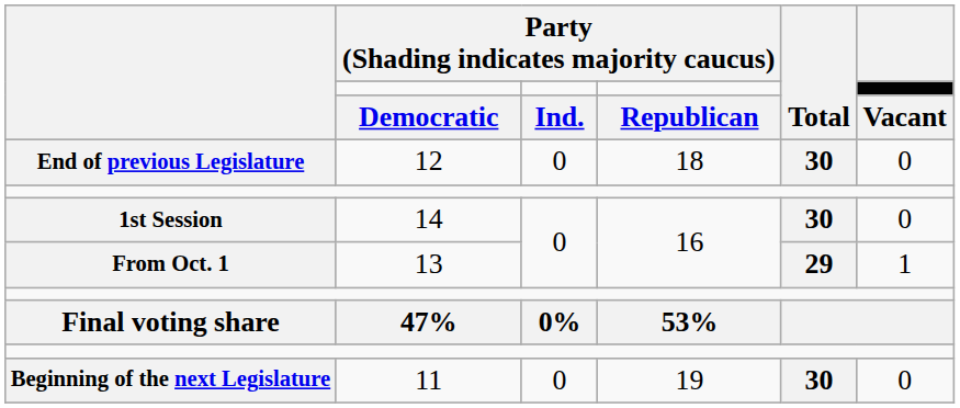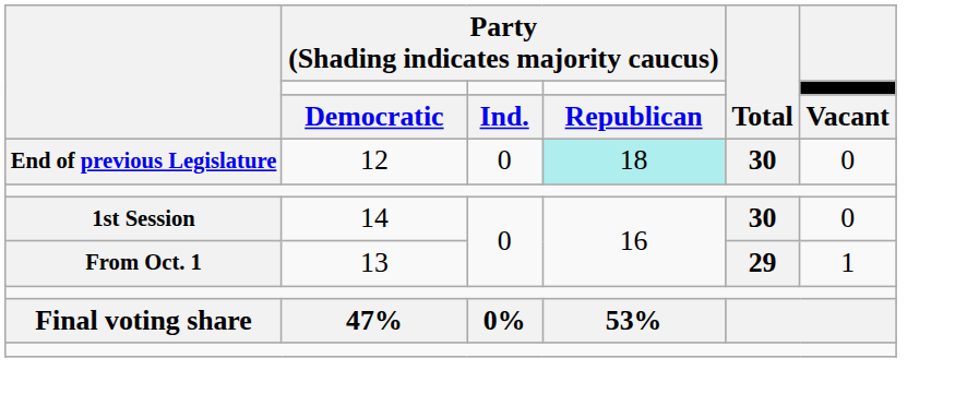 <table class=wikitable style="text-align:center">
 <tr style="vertical-align:bottom;">
 <th rowspan=3></th>
 <th colspan=3>Party <div>(Shading indicates majority caucus)</div></th>
 <th rowspan=3>Total</th>
 <th></th>
 </tr>
 <tr style="height:5px">
 <td style="background-color:"></td>
 <td style="background-color:"></td>
 <td style="background-color:"></td>
 <td style="background:black;"></td>
 </tr>
 <tr>
 <th><a href='#'>Democratic</a></th>
 <th><a href='#'>Ind.</a></th>
 <th><a href='#'>Republican</a></th>
 <th>Vacant</th>
 </tr>
 <tr>
 <th style="font-size:80%;">End of <a href='#'>previous Legislature</a></th>
 <td>12</td>
 <td>0</td>
-<td>18</td>
+<td style="background: paleturquoise;">18</td>
 <th>30</th>
 <td>0</td>
 </tr>
 <tr>
 <td colspan=6></td>
 </tr>
 <tr>
 <th style="font-size:80%;">1st Session</th>
 <td>14</td>
 <td rowspan="2">0</td>
 <td rowspan="2" >16</td>
 <th>30</th>
 <td>0</td>
 </tr>
 <tr>
 <th style="font-size:80%;">From Oct. 1</th>
 <td>13</td>
 <th>29</th>
 <td>1</td>
 </tr>
 <tr>
 <td colspan=6></td>
 </tr>
 <tr>
 <th>Final voting share</th>
 <th>47%</th>
 <th>0%</th>
 <th>53%</th>
 <th colspan=2></th>
 </tr>
 <tr>
 <td colspan=6></td>
 </tr>
-<tr>
-<th style="font-size:80%;">Beginning of the <a href='#'>next Legislature</a></th>
-<td>11</td>
-<td>0</td>
-<td>19</td>
-<th>30</th>
-<td>0</td>
-</tr>
 </table>
